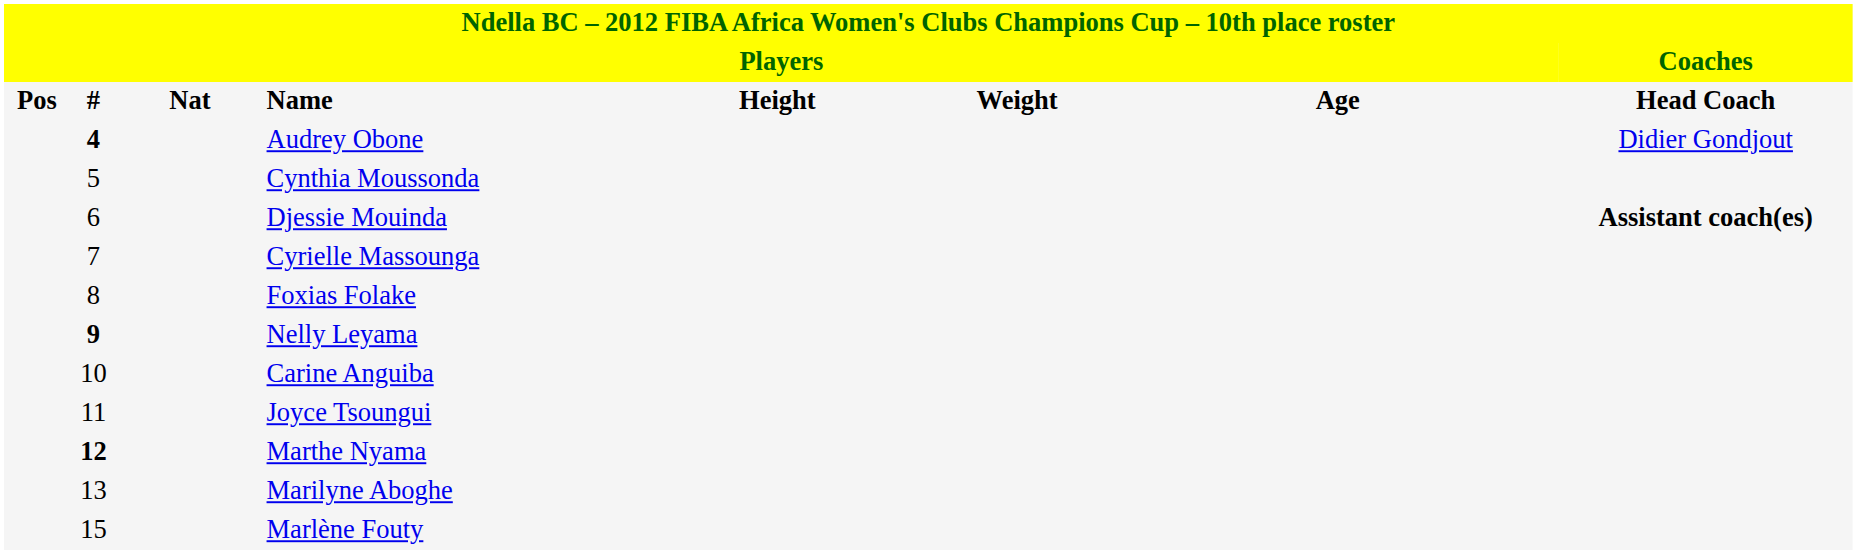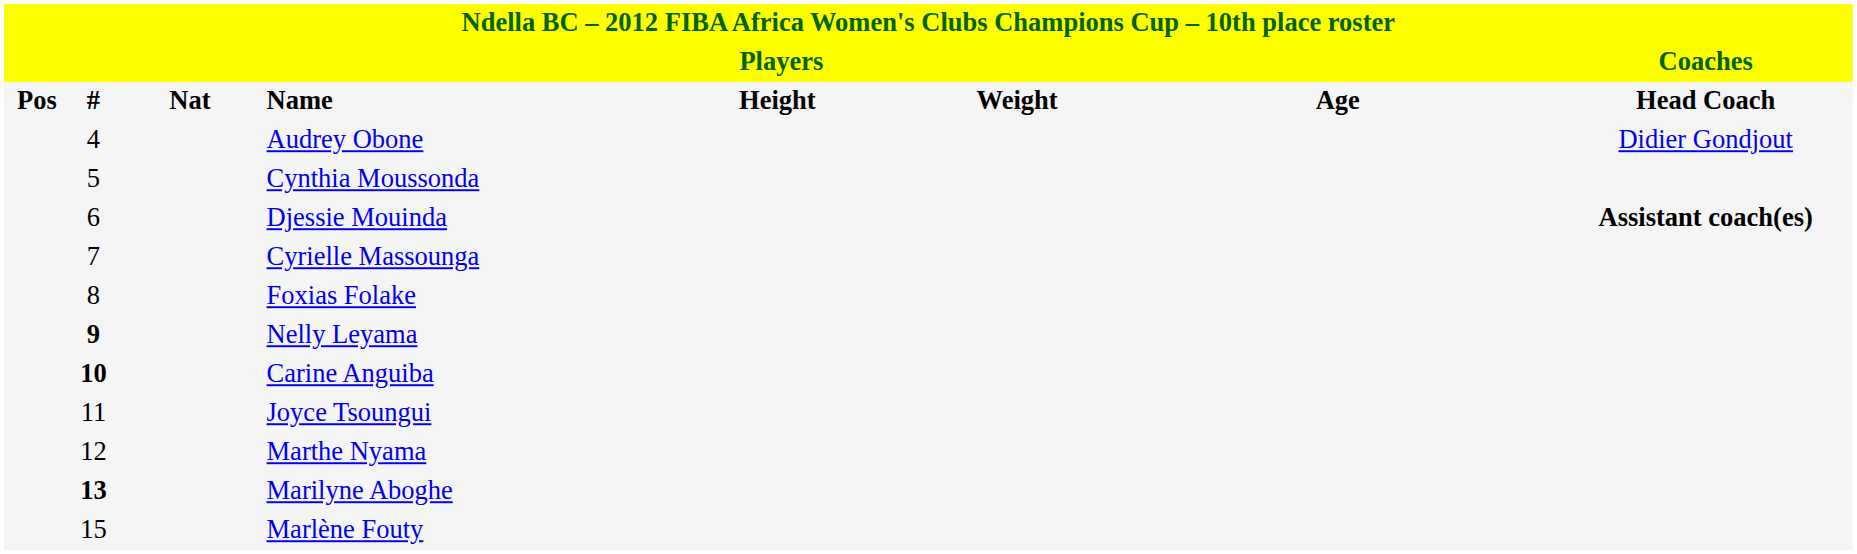 <table border=0 cellpadding=2 cellspacing=0  |- bgcolor=#f5f5f5 style="text-align:center; font-size:85%;" width=75%>
 <tr>
 <td colspan="8" style="background: yellow; color: #006400"><strong>Ndella BC – 2012 FIBA Africa Women's Clubs Champions Cup – 10th place roster</strong></td>
 </tr>
 <tr>
 <td colspan="7" style="background: yellow; color: #006400"><strong>Players</strong></td>
 <td style="background: yellow; color: #006400"><strong>Coaches</strong></td>
 </tr>
 <tr style="background=#f5f5f5; color: black">
 <th width=5px>Pos</th>
 <th width=5px>#</th>
 <th width=50px>Nat</th>
 <th width=135px align=left>Name</th>
 <th width=100px>Height</th>
 <th width=70px>Weight</th>
 <th width=160px>Age</th>
 <th width=105px>Head Coach</th>
 </tr>
 <tr>
 <td></td>
-<td><strong>4</strong></td>
+<td>4</td>
 <td></td>
 <td align=left><a href='#'>Audrey Obone</a></td>
 <td></td>
 <td></td>
 <td><span></span></td>
 <td> <a href='#'>Didier Gondjout</a></td>
 </tr>
 <tr>
 <td></td>
 <td>5</td>
 <td></td>
 <td align=left><a href='#'>Cynthia Moussonda</a></td>
 <td></td>
 <td></td>
 <td><span></span></td>
 </tr>
 <tr>
 <td></td>
 <td>6</td>
 <td></td>
 <td align=left><a href='#'>Djessie Mouinda</a></td>
 <td></td>
 <td></td>
 <td><span></span></td>
 <td><strong>Assistant coach(es)</strong></td>
 </tr>
 <tr>
 <td></td>
 <td>7</td>
 <td></td>
 <td align=left><a href='#'>Cyrielle Massounga</a></td>
 <td></td>
 <td></td>
 <td><span></span></td>
 <td></td>
 </tr>
 <tr>
 <td></td>
 <td>8</td>
 <td></td>
 <td align=left><a href='#'>Foxias Folake</a></td>
 <td></td>
 <td></td>
 <td><span></span></td>
 <td></td>
 </tr>
 <tr>
 <td></td>
 <td><strong>9</strong></td>
 <td></td>
 <td align=left><a href='#'>Nelly Leyama</a></td>
 <td></td>
 <td></td>
 <td><span></span></td>
 </tr>
 <tr>
 <td></td>
-<td>10</td>
+<td><strong>10</strong></td>
 <td></td>
 <td align=left><a href='#'>Carine Anguiba</a></td>
 <td></td>
 <td></td>
 <td><span></span></td>
 </tr>
 <tr>
 <td></td>
 <td>11</td>
 <td></td>
 <td align=left><a href='#'>Joyce Tsoungui</a></td>
 <td></td>
 <td></td>
 <td><span></span></td>
 </tr>
 <tr>
 <td></td>
-<td><strong>12</strong></td>
+<td>12</td>
 <td></td>
 <td align=left><a href='#'>Marthe Nyama</a></td>
 <td></td>
 <td></td>
 <td><span></span></td>
 </tr>
 <tr>
 <td></td>
-<td>13</td>
+<td><strong>13</strong></td>
 <td></td>
 <td align=left><a href='#'>Marilyne Aboghe</a></td>
 <td></td>
 <td></td>
 <td><span></span></td>
 </tr>
 <tr>
 <td></td>
 <td>15</td>
 <td></td>
 <td align=left><a href='#'>Marlène Fouty</a></td>
 <td></td>
 <td></td>
 <td><span></span></td>
 </tr>
 </table>
